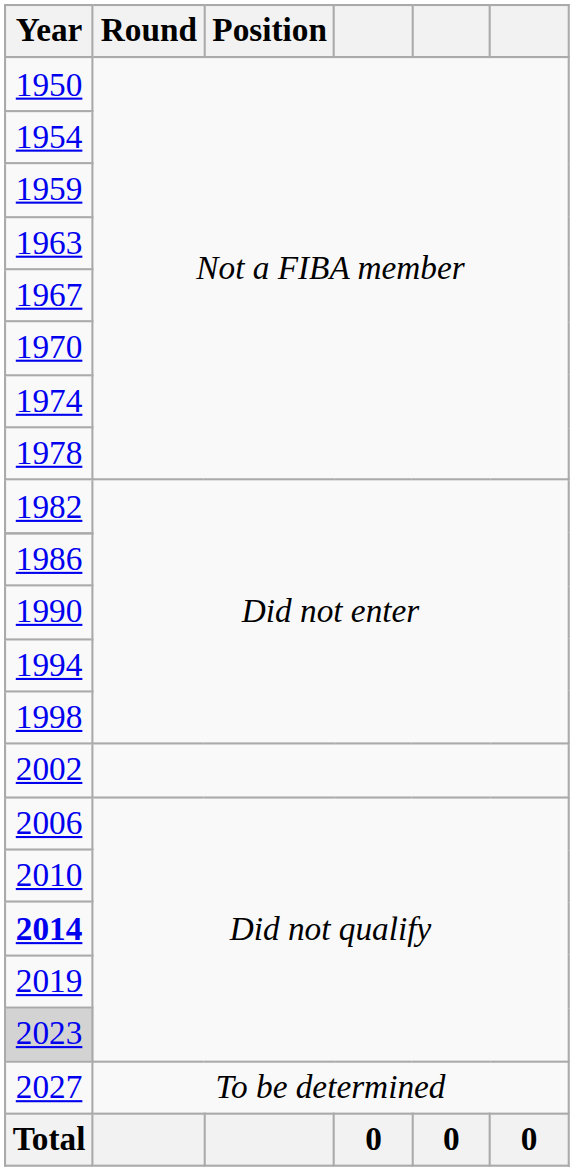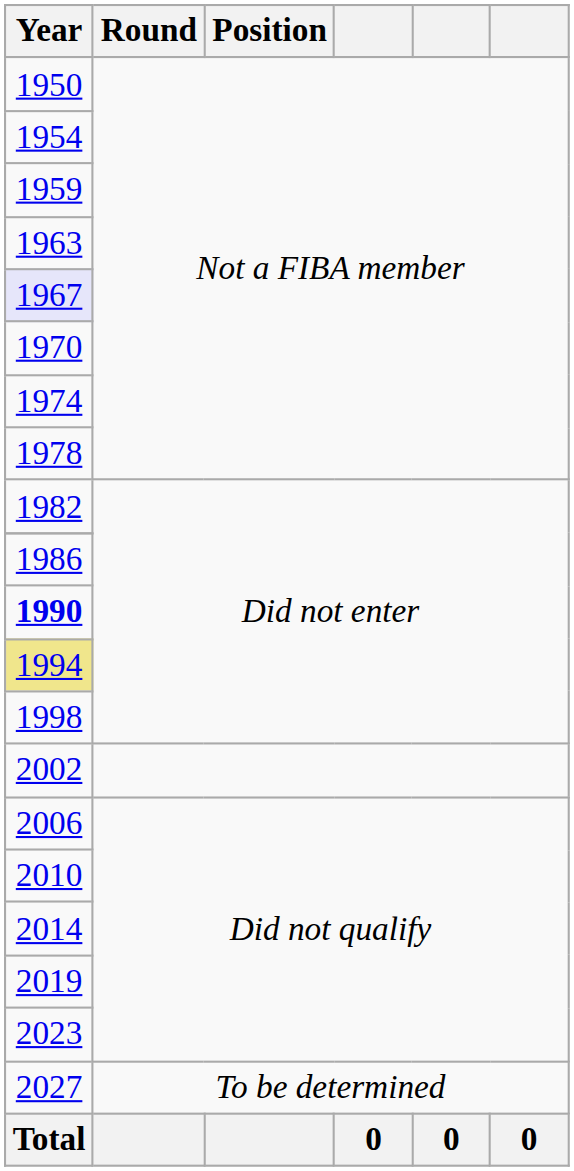 <table class="wikitable" style="text-align:center;">
 <tr>
 <th>Year</th>
 <th>Round</th>
 <th>Position</th>
 <th width=30></th>
 <th width=30></th>
 <th width=30></th>
 </tr>
 <tr>
 <td> <a href='#'>1950</a></td>
 <td rowspan=8 colspan="5"><em>Not a FIBA member</em></td>
 </tr>
 <tr>
 <td> <a href='#'>1954</a></td>
 </tr>
 <tr>
 <td> <a href='#'>1959</a></td>
 </tr>
 <tr>
 <td> <a href='#'>1963</a></td>
 </tr>
 <tr>
-<td> <a href='#'>1967</a></td>
+<td style="background: lavender;"> <a href='#'>1967</a></td>
 </tr>
 <tr>
 <td> <a href='#'>1970</a></td>
 </tr>
 <tr>
 <td> <a href='#'>1974</a></td>
 </tr>
 <tr>
 <td> <a href='#'>1978</a></td>
 </tr>
 <tr>
 <td> <a href='#'>1982</a></td>
 <td rowspan=6 colspan="5"><em>Did not enter</em></td>
 </tr>
 <tr>
 </tr>
 <tr>
 <td> <a href='#'>1986</a></td>
 </tr>
 <tr>
-<td> <a href='#'>1990</a></td>
+<td><strong> <a href='#'>1990</a></strong></td>
 </tr>
 <tr>
-<td> <a href='#'>1994</a></td>
+<td style="background: khaki;"> <a href='#'>1994</a></td>
 </tr>
 <tr>
 <td> <a href='#'>1998</a></td>
 </tr>
 <tr>
 <td> <a href='#'>2002</a></td>
 </tr>
 <tr>
 <td> <a href='#'>2006</a></td>
 <td rowspan=5 colspan="5"><em>Did not qualify</em></td>
 </tr>
 <tr>
 <td> <a href='#'>2010</a></td>
 </tr>
 <tr>
-<td><strong> <a href='#'>2014</a></strong></td>
+<td> <a href='#'>2014</a></td>
 </tr>
 <tr>
 <td> <a href='#'>2019</a></td>
 </tr>
 <tr>
-<td style="background: lightgrey;">   <a href='#'>2023</a></td>
+<td>   <a href='#'>2023</a></td>
 </tr>
 <tr>
 <td> <a href='#'>2027</a></td>
 <td colspan="5"><em>To be determined</em></td>
 </tr>
 <tr>
 <th>Total</th>
 <th></th>
 <th></th>
 <th>0</th>
 <th>0</th>
 <th>0</th>
 </tr>
 </table>
